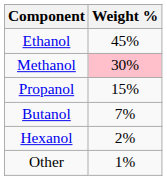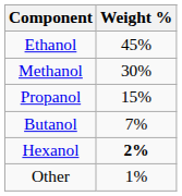 <table class="wikitable" style="text-align:center">
 <tr>
 </tr>
 <tr>
 <th>Component</th>
 <th>Weight %</th>
 </tr>
 <tr>
 <td><a href='#'>Ethanol</a></td>
 <td>45%</td>
 </tr>
 <tr>
 <td><a href='#'>Methanol</a></td>
-<td style="background: pink;">30%</td>
+<td>30%</td>
 </tr>
 <tr>
 <td><a href='#'>Propanol</a></td>
 <td>15%</td>
 </tr>
 <tr>
 <td><a href='#'>Butanol</a></td>
 <td>7%</td>
 </tr>
 <tr>
 <td><a href='#'>Hexanol</a></td>
-<td>2%</td>
+<td><strong>2%</strong></td>
 </tr>
 <tr>
 <td>Other</td>
 <td>1%</td>
 </tr>
 </table>
